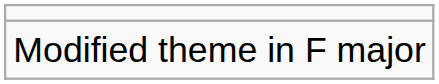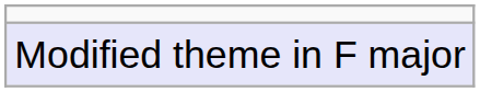 <table class="wikitable">
 <tr>
 <td></td>
 </tr>
 <tr>
-<td>Modified theme in F major</td>
+<td style="background: lavender;">Modified theme in F major</td>
 </tr>
 </table>
